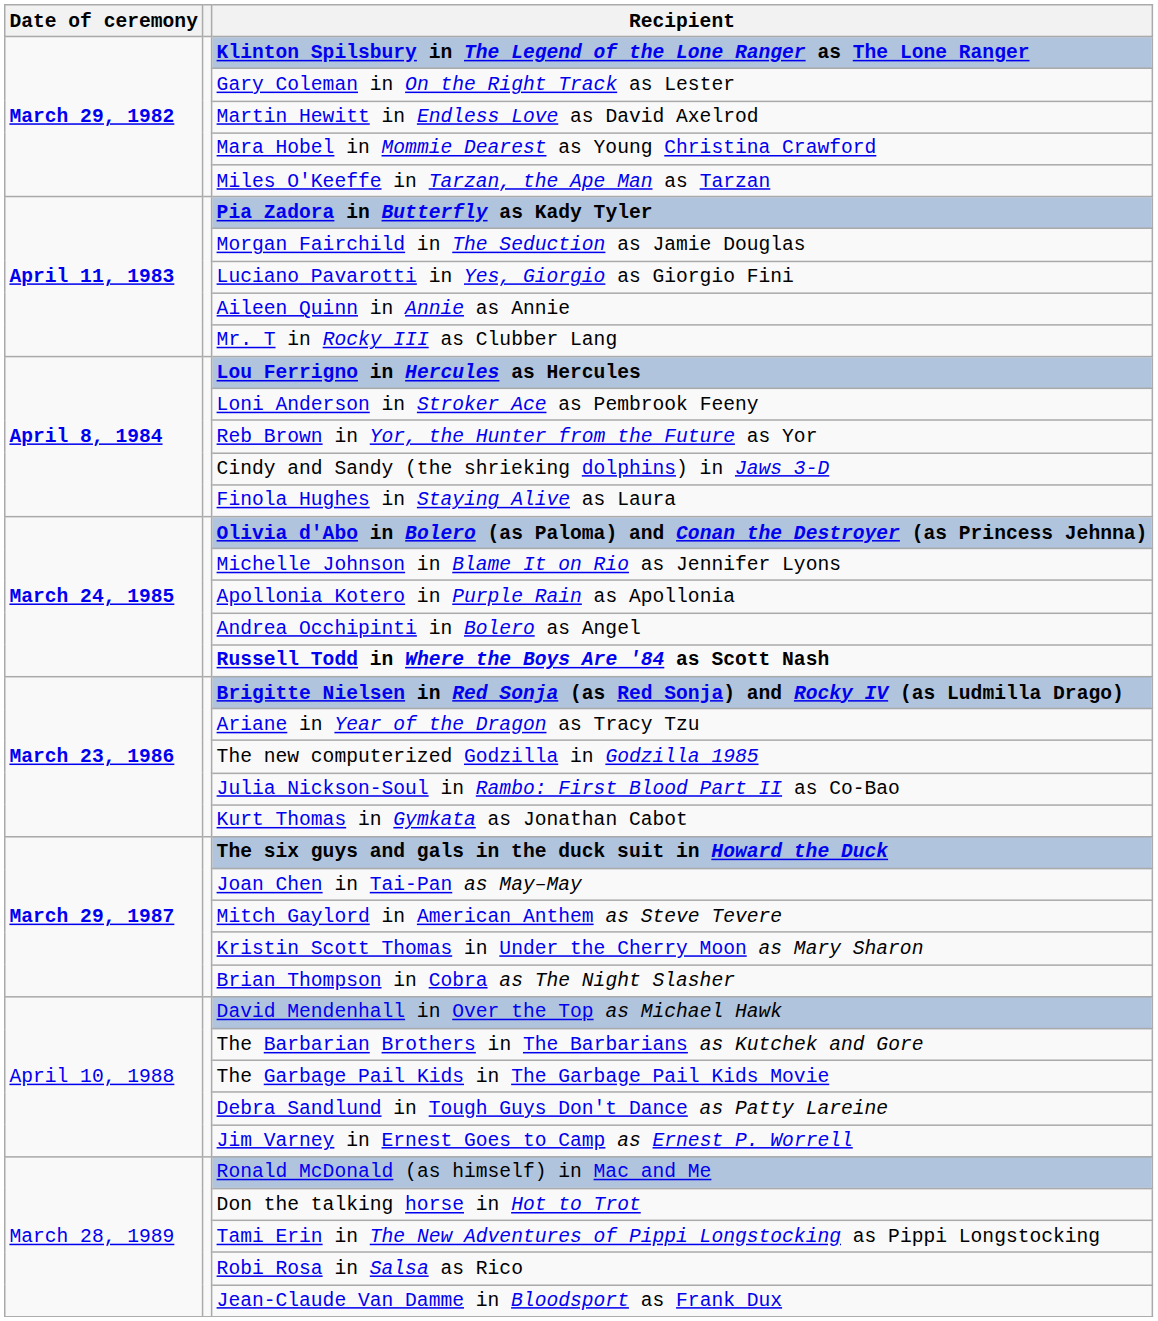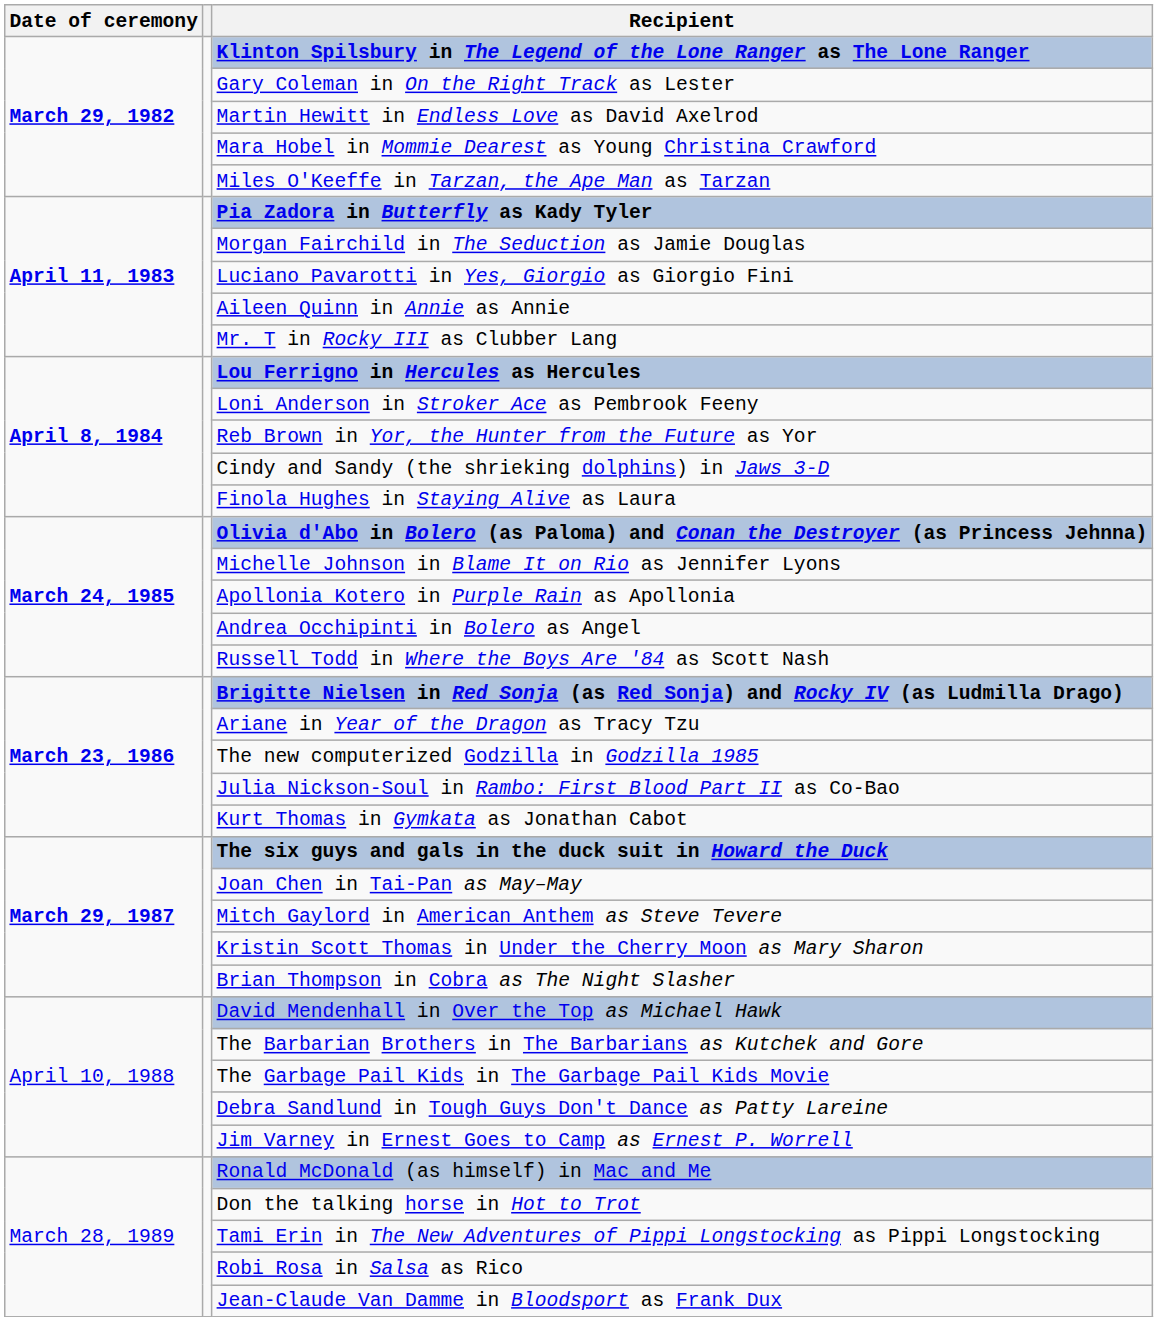 <table class="wikitable">
 <tr>
 <th>Date of ceremony</th>
 <th></th>
 <th>Recipient</th>
 </tr>
 <tr>
 <td rowspan=5><strong><a href='#'>March 29, 1982</a></strong></td>
 <td rowspan=5></td>
 <td style="background:#B0C4DE;"><strong><a href='#'>Klinton Spilsbury</a> in <em><a href='#'>The Legend of the Lone Ranger</a></em> as <a href='#'>The Lone Ranger</a></strong></td>
 </tr>
 <tr>
 <td><a href='#'>Gary Coleman</a> in <em><a href='#'>On the Right Track</a></em> as Lester</td>
 </tr>
 <tr>
 <td><a href='#'>Martin Hewitt</a> in <em><a href='#'>Endless Love</a></em> as David Axelrod</td>
 </tr>
 <tr>
 <td><a href='#'>Mara Hobel</a> in <em><a href='#'>Mommie Dearest</a></em> as Young <a href='#'>Christina Crawford</a></td>
 </tr>
 <tr>
 <td><a href='#'>Miles O'Keeffe</a> in <em><a href='#'>Tarzan, the Ape Man</a></em> as <a href='#'>Tarzan</a></td>
 </tr>
 <tr>
 <td rowspan=5><strong><a href='#'>April 11, 1983</a></strong></td>
 <td rowspan=5></td>
 <td style="background:#B0C4DE;"><strong><a href='#'>Pia Zadora</a> in <em><a href='#'>Butterfly</a></em> as Kady Tyler</strong></td>
 </tr>
 <tr>
 <td><a href='#'>Morgan Fairchild</a> in <em><a href='#'>The Seduction</a></em> as Jamie Douglas</td>
 </tr>
 <tr>
 <td><a href='#'>Luciano Pavarotti</a> in <em><a href='#'>Yes, Giorgio</a></em> as Giorgio Fini</td>
 </tr>
 <tr>
 <td><a href='#'>Aileen Quinn</a> in <em><a href='#'>Annie</a></em> as Annie</td>
 </tr>
 <tr>
 <td><a href='#'>Mr. T</a> in <em><a href='#'>Rocky III</a></em> as Clubber Lang</td>
 </tr>
 <tr>
 <td rowspan=5><strong><a href='#'>April 8, 1984</a></strong></td>
 <td rowspan=5></td>
 <td style="background:#B0C4DE;"><strong><a href='#'>Lou Ferrigno</a> in <em><a href='#'>Hercules</a></em> as Hercules</strong></td>
 </tr>
 <tr>
 <td><a href='#'>Loni Anderson</a> in <em><a href='#'>Stroker Ace</a></em> as Pembrook Feeny</td>
 </tr>
 <tr>
 <td><a href='#'>Reb Brown</a> in <em><a href='#'>Yor, the Hunter from the Future</a></em> as Yor</td>
 </tr>
 <tr>
 <td>Cindy and Sandy (the shrieking <a href='#'>dolphins</a>) in <em><a href='#'>Jaws 3-D</a></em></td>
 </tr>
 <tr>
 <td><a href='#'>Finola Hughes</a> in <em><a href='#'>Staying Alive</a></em> as Laura</td>
 </tr>
 <tr>
 <td rowspan=5><strong><a href='#'>March 24, 1985</a></strong></td>
 <td rowspan=5></td>
 <td style="background:#B0C4DE;"><strong><a href='#'>Olivia d'Abo</a> in <em><a href='#'>Bolero</a></em> (as Paloma) and <em><a href='#'>Conan the Destroyer</a></em> (as Princess Jehnna)</strong></td>
 </tr>
 <tr>
 <td><a href='#'>Michelle Johnson</a> in <em><a href='#'>Blame It on Rio</a></em> as Jennifer Lyons</td>
 </tr>
 <tr>
 <td><a href='#'>Apollonia Kotero</a> in <em><a href='#'>Purple Rain</a></em> as Apollonia</td>
 </tr>
 <tr>
 <td><a href='#'>Andrea Occhipinti</a> in <em><a href='#'>Bolero</a></em> as Angel</td>
 </tr>
 <tr>
-<td><strong><a href='#'>Russell Todd</a> in <em><a href='#'>Where the Boys Are '84</a></em> as Scott Nash</strong></td>
+<td><a href='#'>Russell Todd</a> in <em><a href='#'>Where the Boys Are '84</a></em> as Scott Nash</td>
 </tr>
 <tr>
 <td rowspan=5><strong><a href='#'>March 23, 1986</a></strong></td>
 <td rowspan=5></td>
 <td style="background:#B0C4DE;"><strong><a href='#'>Brigitte Nielsen</a> in <em><a href='#'>Red Sonja</a></em> (as <a href='#'>Red Sonja</a>) and <em><a href='#'>Rocky IV</a></em> (as Ludmilla Drago)</strong></td>
 </tr>
 <tr>
 <td><a href='#'>Ariane</a> in <em><a href='#'>Year of the Dragon</a></em> as Tracy Tzu</td>
 </tr>
 <tr>
 <td>The new computerized <a href='#'>Godzilla</a> in <em><a href='#'>Godzilla 1985</a></em></td>
 </tr>
 <tr>
 <td><a href='#'>Julia Nickson-Soul</a> in <em><a href='#'>Rambo: First Blood Part II</a></em> as Co-Bao</td>
 </tr>
 <tr>
 <td><a href='#'>Kurt Thomas</a> in <em><a href='#'>Gymkata</a></em> as Jonathan Cabot</td>
 </tr>
 <tr>
 <td rowspan=5><strong><a href='#'>March 29, 1987</a></strong></td>
 <td rowspan=5></td>
 <td style="background:#B0C4DE;"><strong>The six guys and gals in the duck suit in <em><a href='#'>Howard the Duck</a><strong><em></td>
 </tr>
 <tr>
 <td><a href='#'>Joan Chen</a> in </em><a href='#'>Tai-Pan</a><em> as May–May</td>
 </tr>
 <tr>
 <td><a href='#'>Mitch Gaylord</a> in </em><a href='#'>American Anthem</a><em> as Steve Tevere</td>
 </tr>
 <tr>
 <td><a href='#'>Kristin Scott Thomas</a> in </em><a href='#'>Under the Cherry Moon</a><em> as Mary Sharon</td>
 </tr>
 <tr>
 <td><a href='#'>Brian Thompson</a> in </em><a href='#'>Cobra</a><em> as The Night Slasher</td>
 </tr>
 <tr>
 <td rowspan=5></strong><a href='#'>April 10, 1988</a><strong></td>
 <td rowspan=5></td>
 <td style="background:#B0C4DE;"></strong><a href='#'>David Mendenhall</a> in </em><a href='#'>Over the Top</a><em> as Michael Hawk<strong></td>
 </tr>
 <tr>
 <td>The <a href='#'>Barbarian</a> <a href='#'>Brothers</a> in </em><a href='#'>The Barbarians</a><em> as Kutchek and Gore</td>
 </tr>
 <tr>
 <td>The <a href='#'>Garbage Pail Kids</a> in </em><a href='#'>The Garbage Pail Kids Movie</a><em></td>
 </tr>
 <tr>
 <td><a href='#'>Debra Sandlund</a> in </em><a href='#'>Tough Guys Don't Dance</a><em> as Patty Lareine</td>
 </tr>
 <tr>
 <td><a href='#'>Jim Varney</a> in </em><a href='#'>Ernest Goes to Camp</a><em> as <a href='#'>Ernest P. Worrell</a></td>
 </tr>
 <tr>
 <td rowspan=5></strong><a href='#'>March 28, 1989</a><strong></td>
 <td rowspan=5></td>
 <td style="background:#B0C4DE;"></strong><a href='#'>Ronald McDonald</a> (as himself) in </em><a href='#'>Mac and Me</a></em></strong></td>
 </tr>
 <tr>
 <td>Don the talking <a href='#'>horse</a> in <em><a href='#'>Hot to Trot</a></em></td>
 </tr>
 <tr>
 <td><a href='#'>Tami Erin</a> in <em><a href='#'>The New Adventures of Pippi Longstocking</a></em> as Pippi Longstocking</td>
 </tr>
 <tr>
 <td><a href='#'>Robi Rosa</a> in <em><a href='#'>Salsa</a></em> as Rico</td>
 </tr>
 <tr>
 <td><a href='#'>Jean-Claude Van Damme</a> in <em><a href='#'>Bloodsport</a></em> as <a href='#'>Frank Dux</a></td>
 </tr>
 <tr>
 </tr>
 </table>
